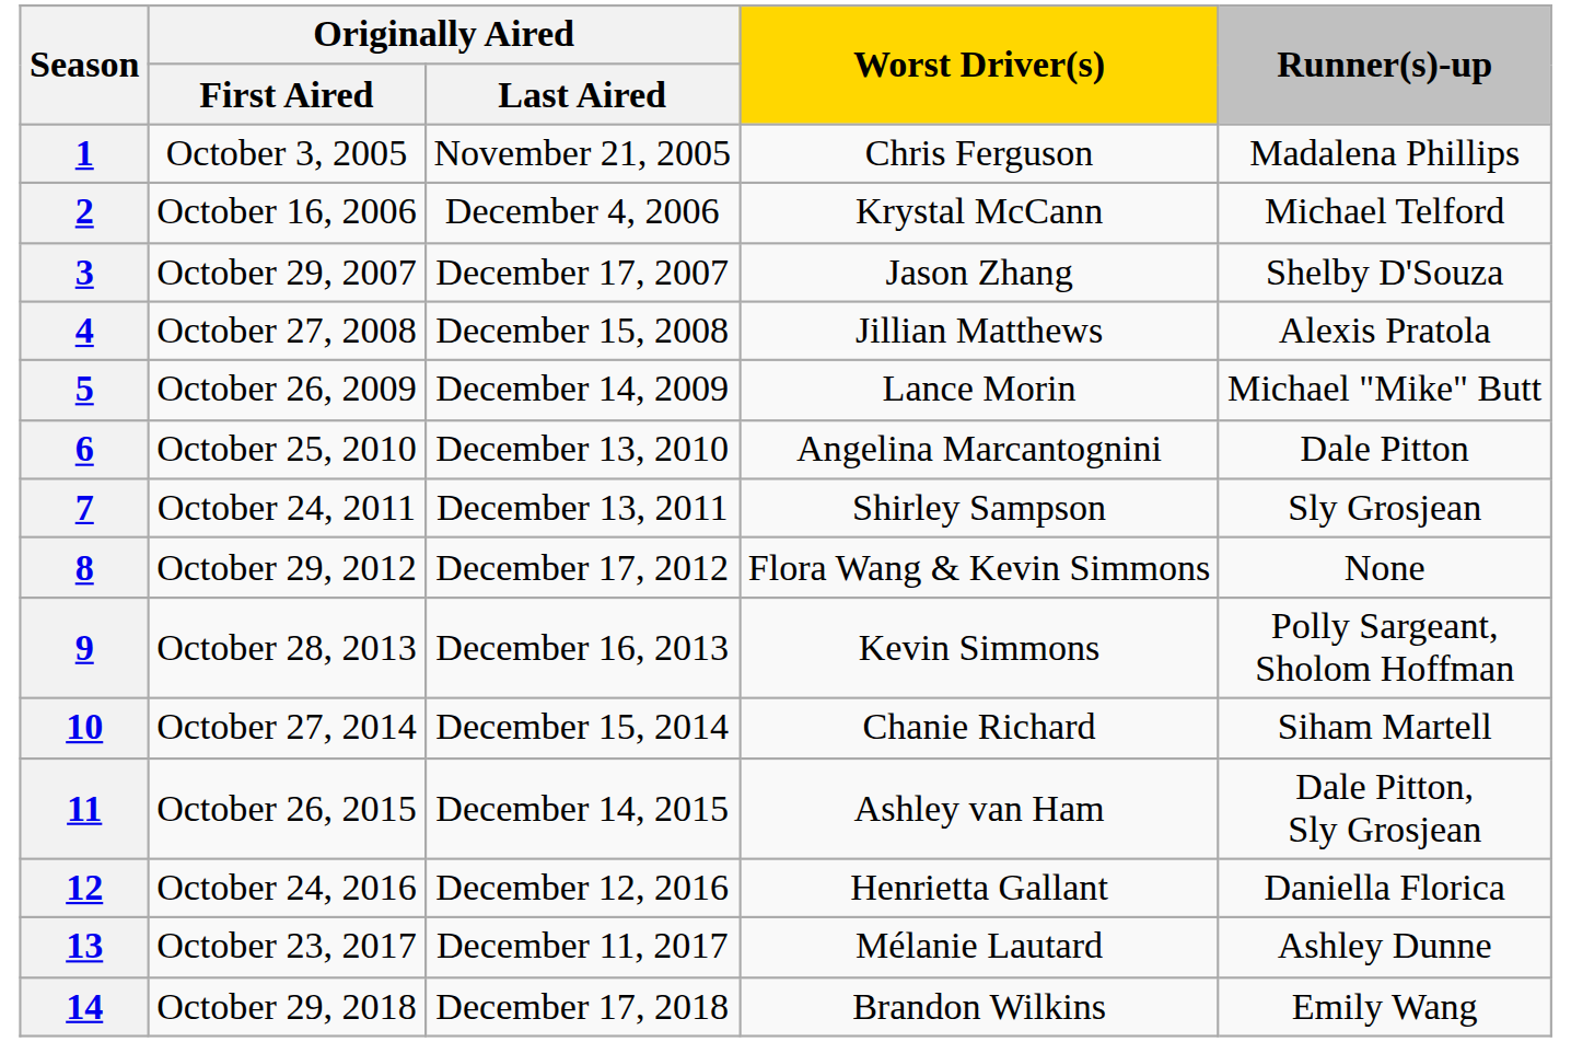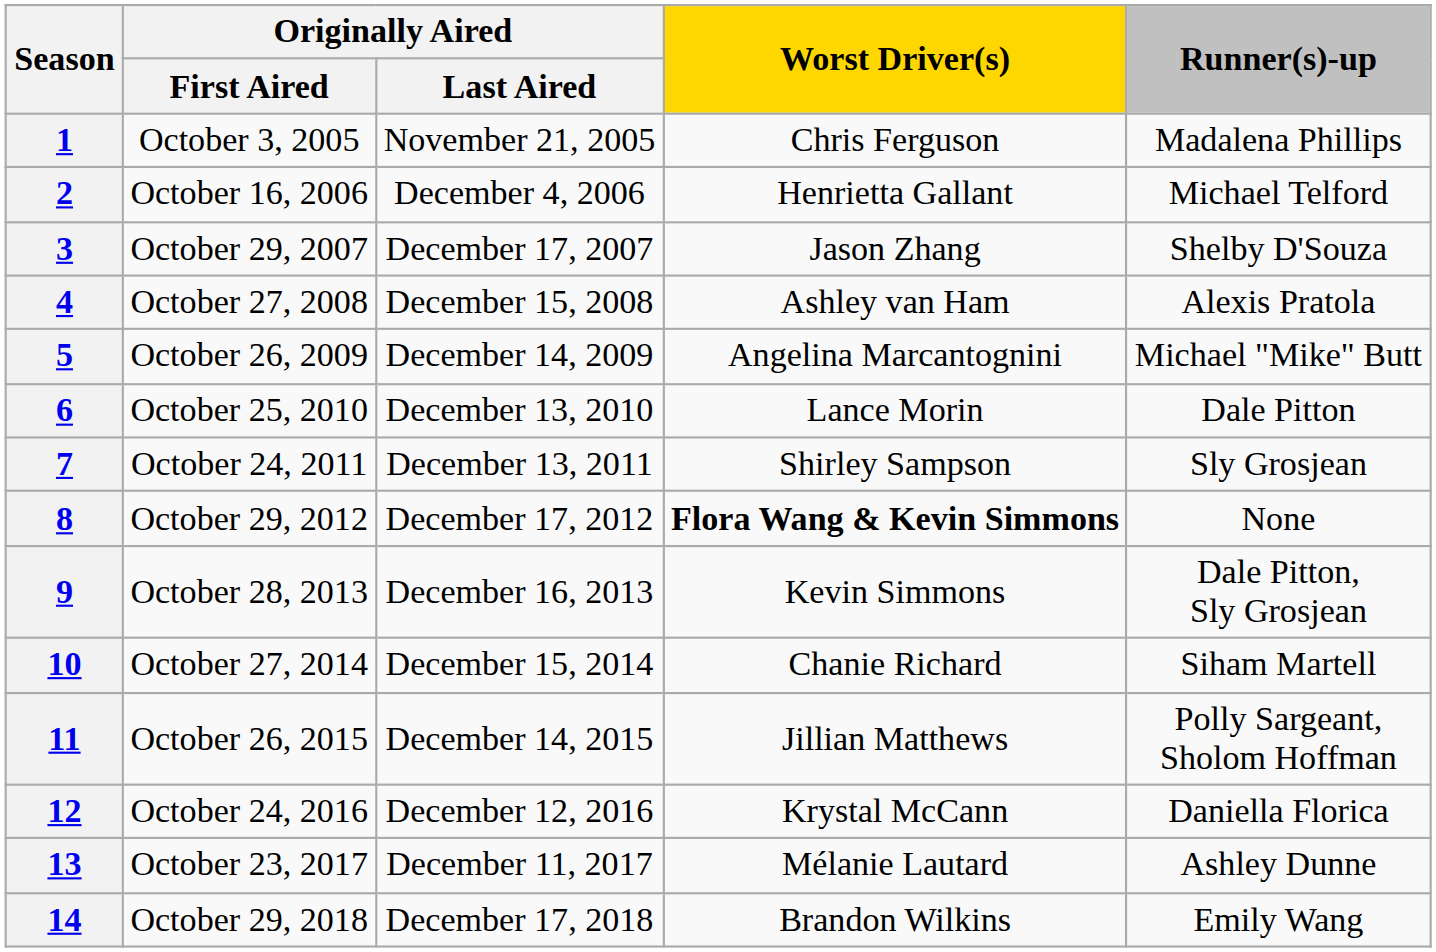 <table class="wikitable plainrowheaders" style="margin-inline: auto; border: none; text-align:center;"">
 <tr>
 <th rowspan="2">Season</th>
 <th colspan="2">Originally Aired</th>
 <th style="background: gold" rowspan="2">Worst Driver(s)</th>
 <th style="background: silver" rowspan="2">Runner(s)-up</th>
 </tr>
 <tr>
 <th>First Aired</th>
 <th>Last Aired</th>
 </tr>
 <tr>
 <th scope="row" style="text-align: center"><a href='#'>1</a></th>
 <td>October 3, 2005</td>
 <td>November 21, 2005</td>
 <td>Chris Ferguson</td>
 <td>Madalena Phillips</td>
 </tr>
 <tr>
 <th scope="row" style="text-align: center"><a href='#'>2</a></th>
 <td>October 16, 2006</td>
 <td>December 4, 2006</td>
-<td>Krystal McCann</td>
+<td>Henrietta Gallant</td>
 <td>Michael Telford</td>
 </tr>
 <tr>
 <th scope="row" style="text-align: center"><a href='#'>3</a></th>
 <td>October 29, 2007</td>
 <td>December 17, 2007</td>
 <td>Jason Zhang</td>
 <td>Shelby D'Souza</td>
 </tr>
 <tr>
 <th scope="row" style="text-align: center"><a href='#'>4</a></th>
 <td>October 27, 2008</td>
 <td>December 15, 2008</td>
-<td>Jillian Matthews</td>
+<td>Ashley van Ham</td>
 <td>Alexis Pratola</td>
 </tr>
 <tr>
 <th scope="row" style="text-align: center"><a href='#'>5</a></th>
 <td>October 26, 2009</td>
 <td>December 14, 2009</td>
-<td>Lance Morin</td>
+<td>Angelina Marcantognini</td>
 <td>Michael "Mike" Butt</td>
 </tr>
 <tr>
 <th scope="row" style="text-align: center"><a href='#'>6</a></th>
 <td>October 25, 2010</td>
 <td>December 13, 2010</td>
-<td>Angelina Marcantognini</td>
+<td>Lance Morin</td>
 <td>Dale Pitton</td>
 </tr>
 <tr>
 <th scope="row" style="text-align: center"><a href='#'>7</a></th>
 <td>October 24, 2011</td>
 <td>December 13, 2011</td>
 <td>Shirley Sampson</td>
 <td>Sly Grosjean</td>
 </tr>
 <tr>
 <th scope="row" style="text-align: center"><a href='#'>8</a></th>
 <td>October 29, 2012</td>
 <td>December 17, 2012</td>
-<td>Flora Wang & Kevin Simmons</td>
+<td><strong>Flora Wang & Kevin Simmons</strong></td>
 <td>None</td>
 </tr>
 <tr>
 <th scope="row" style="text-align: center"><a href='#'>9</a></th>
 <td>October 28, 2013</td>
 <td>December 16, 2013</td>
 <td>Kevin Simmons</td>
-<td>Polly Sargeant,<br>Sholom Hoffman</td>
+<td>Dale Pitton,<br>Sly Grosjean</td>
 </tr>
 <tr>
 <th scope="row" style="text-align: center"><a href='#'>10</a></th>
 <td>October 27, 2014</td>
 <td>December 15, 2014</td>
 <td>Chanie Richard</td>
 <td>Siham Martell</td>
 </tr>
 <tr>
 <th scope="row" style="text-align: center"><a href='#'>11</a></th>
 <td>October 26, 2015</td>
 <td>December 14, 2015</td>
-<td>Ashley van Ham</td>
-<td>Dale Pitton,<br>Sly Grosjean</td>
+<td>Jillian Matthews</td>
+<td>Polly Sargeant,<br>Sholom Hoffman</td>
 </tr>
 <tr>
 <th scope="row" style="text-align: center"><a href='#'>12</a></th>
 <td>October 24, 2016</td>
 <td>December 12, 2016</td>
-<td>Henrietta Gallant</td>
+<td>Krystal McCann</td>
 <td>Daniella Florica</td>
 </tr>
 <tr>
 <th scope="row" style="text-align: center"><a href='#'>13</a></th>
 <td>October 23, 2017</td>
 <td>December 11, 2017</td>
 <td>Mélanie Lautard</td>
 <td>Ashley Dunne</td>
 </tr>
 <tr>
 <th scope="row" style="text-align: center"><a href='#'>14</a></th>
 <td>October 29, 2018</td>
 <td>December 17, 2018</td>
 <td>Brandon Wilkins</td>
 <td>Emily Wang</td>
 </tr>
 </table>
